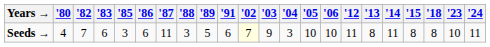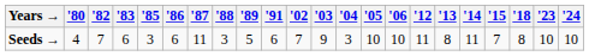 <table class="wikitable">
 <tr>
 <th>Years →</th>
 <th><a href='#'>'80</a></th>
 <th><a href='#'>'82</a></th>
 <th><a href='#'>'83</a></th>
 <th><a href='#'>'85</a></th>
 <th><a href='#'>'86</a></th>
 <th><a href='#'>'87</a></th>
 <th><a href='#'>'88</a></th>
 <th><a href='#'>'89</a></th>
 <th><a href='#'>'91</a></th>
 <th><a href='#'>'02</a></th>
 <th><a href='#'>'03</a></th>
 <th><a href='#'>'04</a></th>
 <th><a href='#'>'05</a></th>
 <th><a href='#'>'06</a></th>
 <th><a href='#'>'12</a></th>
 <th><a href='#'>'13</a></th>
 <th><a href='#'>'14</a></th>
 <th><a href='#'>'15</a></th>
 <th><a href='#'>'18</a></th>
 <th><a href='#'>'23</a></th>
 <th><a href='#'>'24</a></th>
 </tr>
 <tr align=center>
 <td align=left><strong>Seeds →</strong></td>
 <td>4</td>
 <td>7</td>
 <td>6</td>
 <td>3</td>
 <td>6</td>
 <td>11</td>
 <td>3</td>
 <td>5</td>
 <td>6</td>
-<td style="background: lightyellow;">7</td>
+<td>7</td>
 <td>9</td>
 <td>3</td>
 <td>10</td>
 <td>10</td>
 <td>11</td>
 <td>8</td>
 <td>11</td>
-<td>8</td>
+<td>7</td>
 <td>8</td>
 <td>10</td>
-<td>11</td>
+<td>10</td>
 </tr>
 </table>
